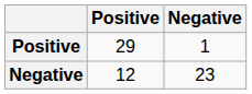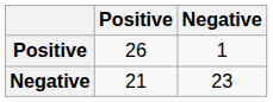 <table class="wikitable">
 <tr>
 <th></th>
 <th>Positive</th>
 <th>Negative</th>
 </tr>
 <tr>
 <th>Positive</th>
-<td style="text-align: center">29</td>
+<td style="text-align: center">26</td>
 <td style="text-align: center">1</td>
 </tr>
 <tr>
 <th>Negative</th>
-<td style="text-align: center">12</td>
+<td style="text-align: center">21</td>
 <td style="text-align: center">23</td>
 </tr>
 </table>
